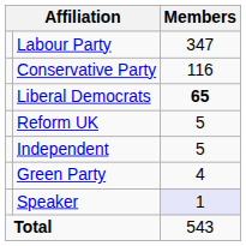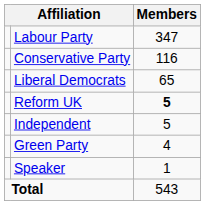 <table class="wikitable">
 <tr>
 <th colspan="2">Affiliation</th>
 <th>Members</th>
 </tr>
 <tr>
 <td style="color:inherit;background:"></td>
 <td><a href='#'>Labour Party</a></td>
 <td style="text-align:center;">347</td>
 </tr>
 <tr>
 <td style="color:inherit;background:"></td>
 <td><a href='#'>Conservative Party</a></td>
 <td style="text-align:center;">116</td>
 </tr>
 <tr>
 <td style="color:inherit;background:"></td>
 <td><a href='#'>Liberal Democrats</a></td>
-<td style="text-align:center;"><strong>65</strong></td>
+<td style="text-align:center;">65</td>
 </tr>
 <tr>
 <td style="color:inherit;background:"></td>
 <td><a href='#'>Reform UK</a></td>
-<td style="text-align:center;">5</td>
+<td style="text-align:center;"><strong>5</strong></td>
 </tr>
 <tr>
 <td style="color:inherit;background:"></td>
 <td><a href='#'>Independent</a></td>
 <td style="text-align:center;">5</td>
 </tr>
 <tr>
 <td style="color:inherit;background:"></td>
 <td><a href='#'>Green Party</a></td>
 <td style="text-align:center;">4</td>
 </tr>
 <tr>
 <td style="color:inherit;background:"></td>
 <td><a href='#'>Speaker</a></td>
-<td style="background: lavender; text-align:center;">1</td>
+<td style="text-align:center;">1</td>
 </tr>
 <tr>
 <td colspan="2" rowspan="1"> <strong>Total</strong></td>
 <td align="center">543</td>
 </tr>
 </table>
